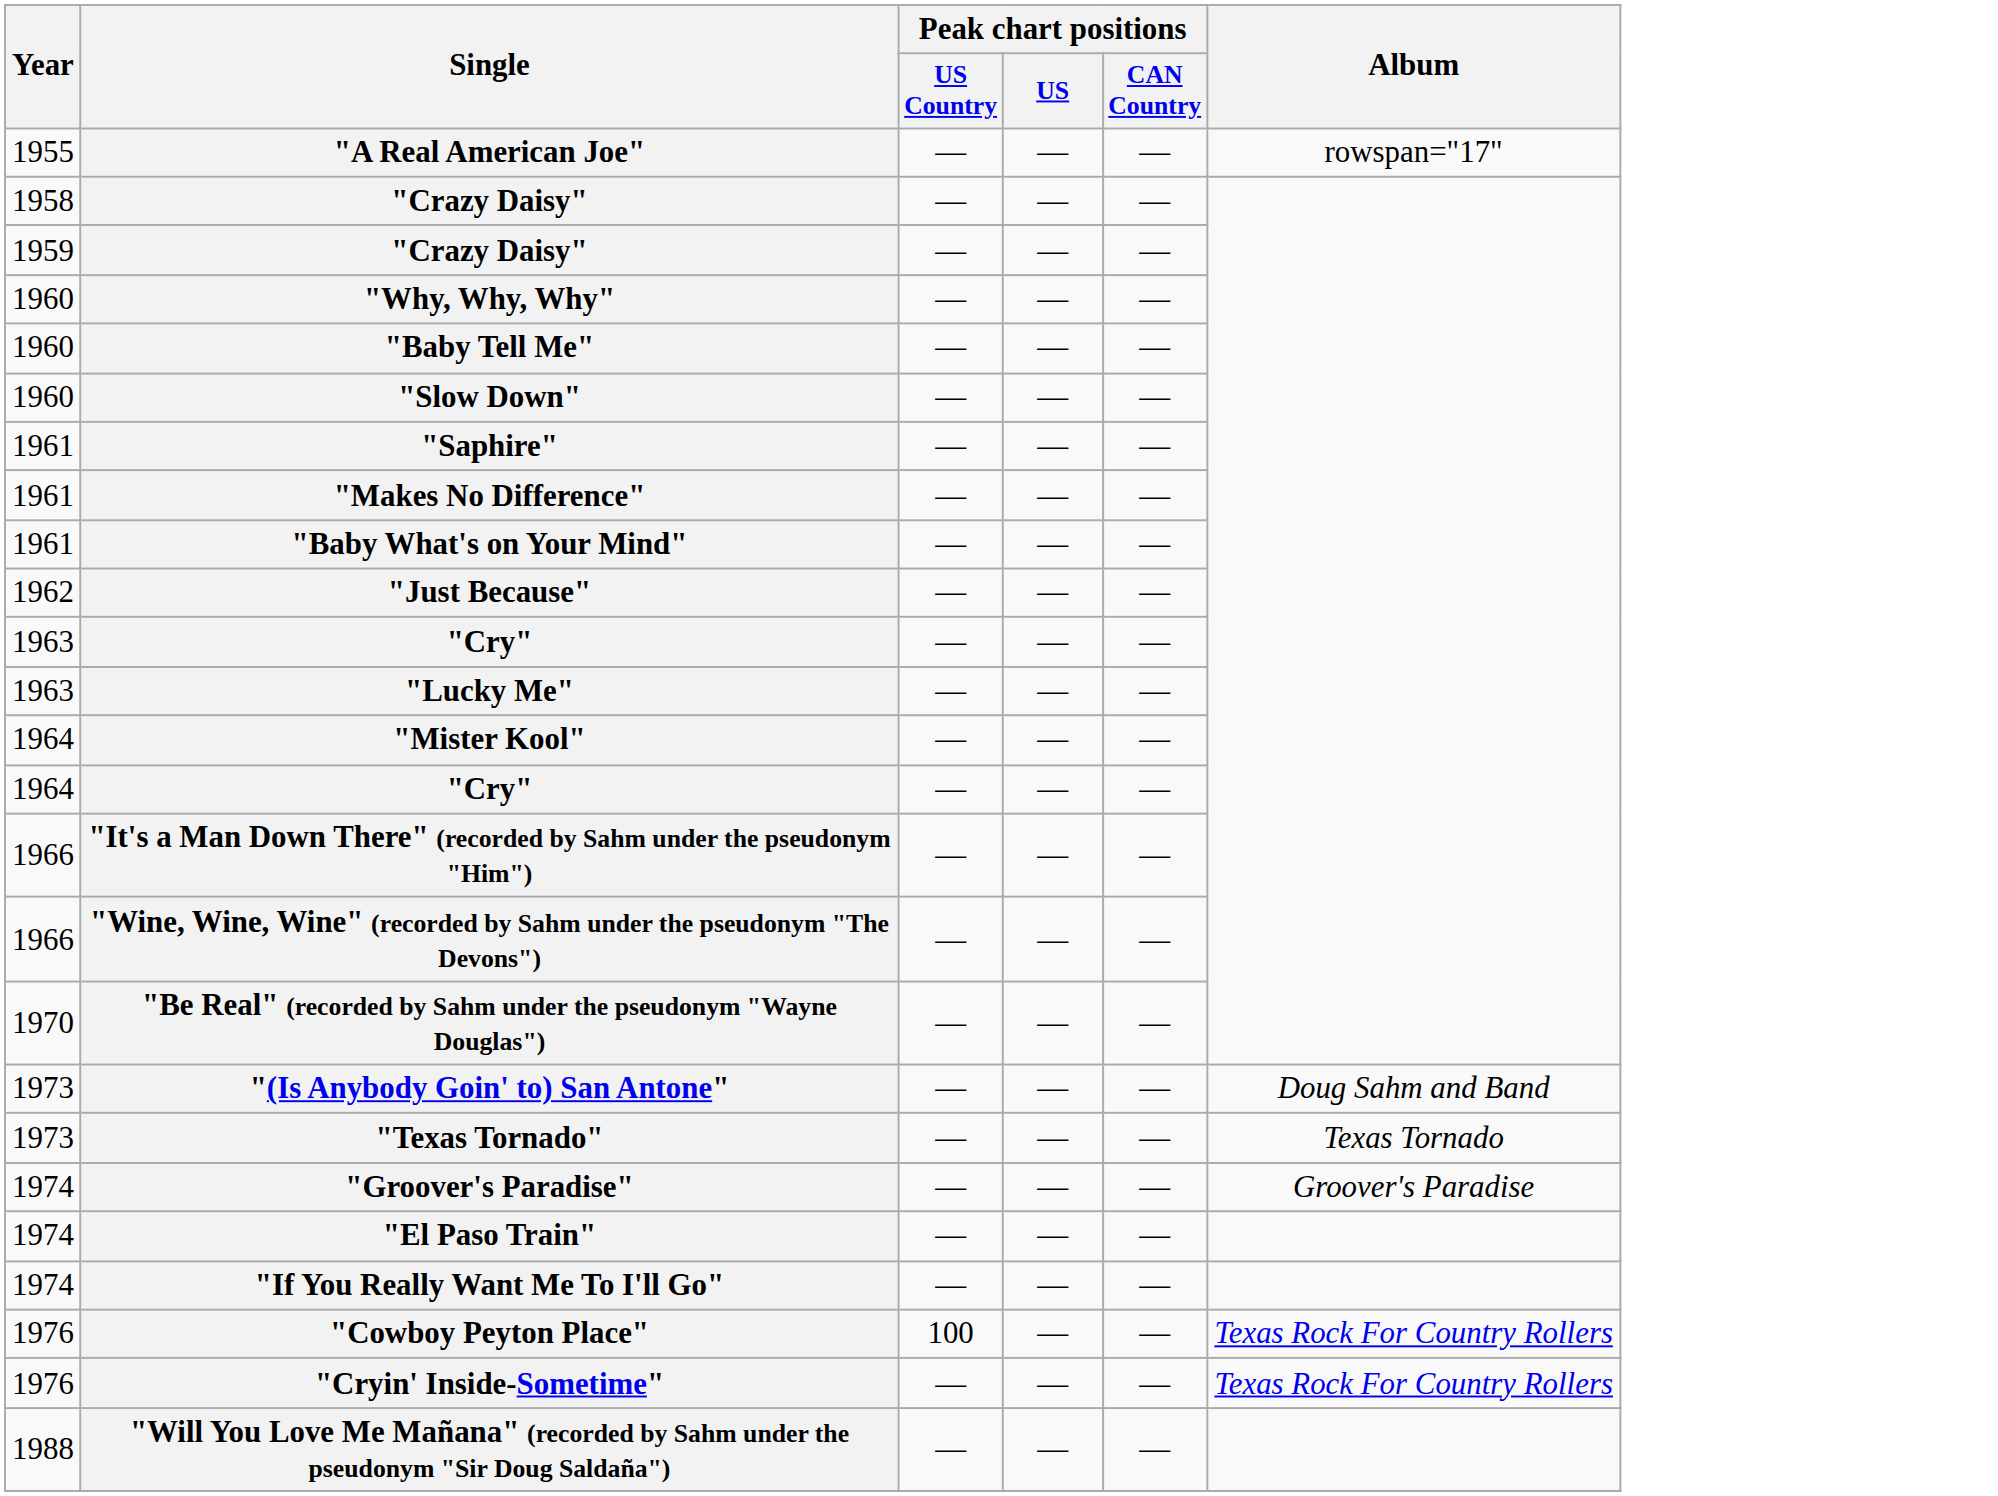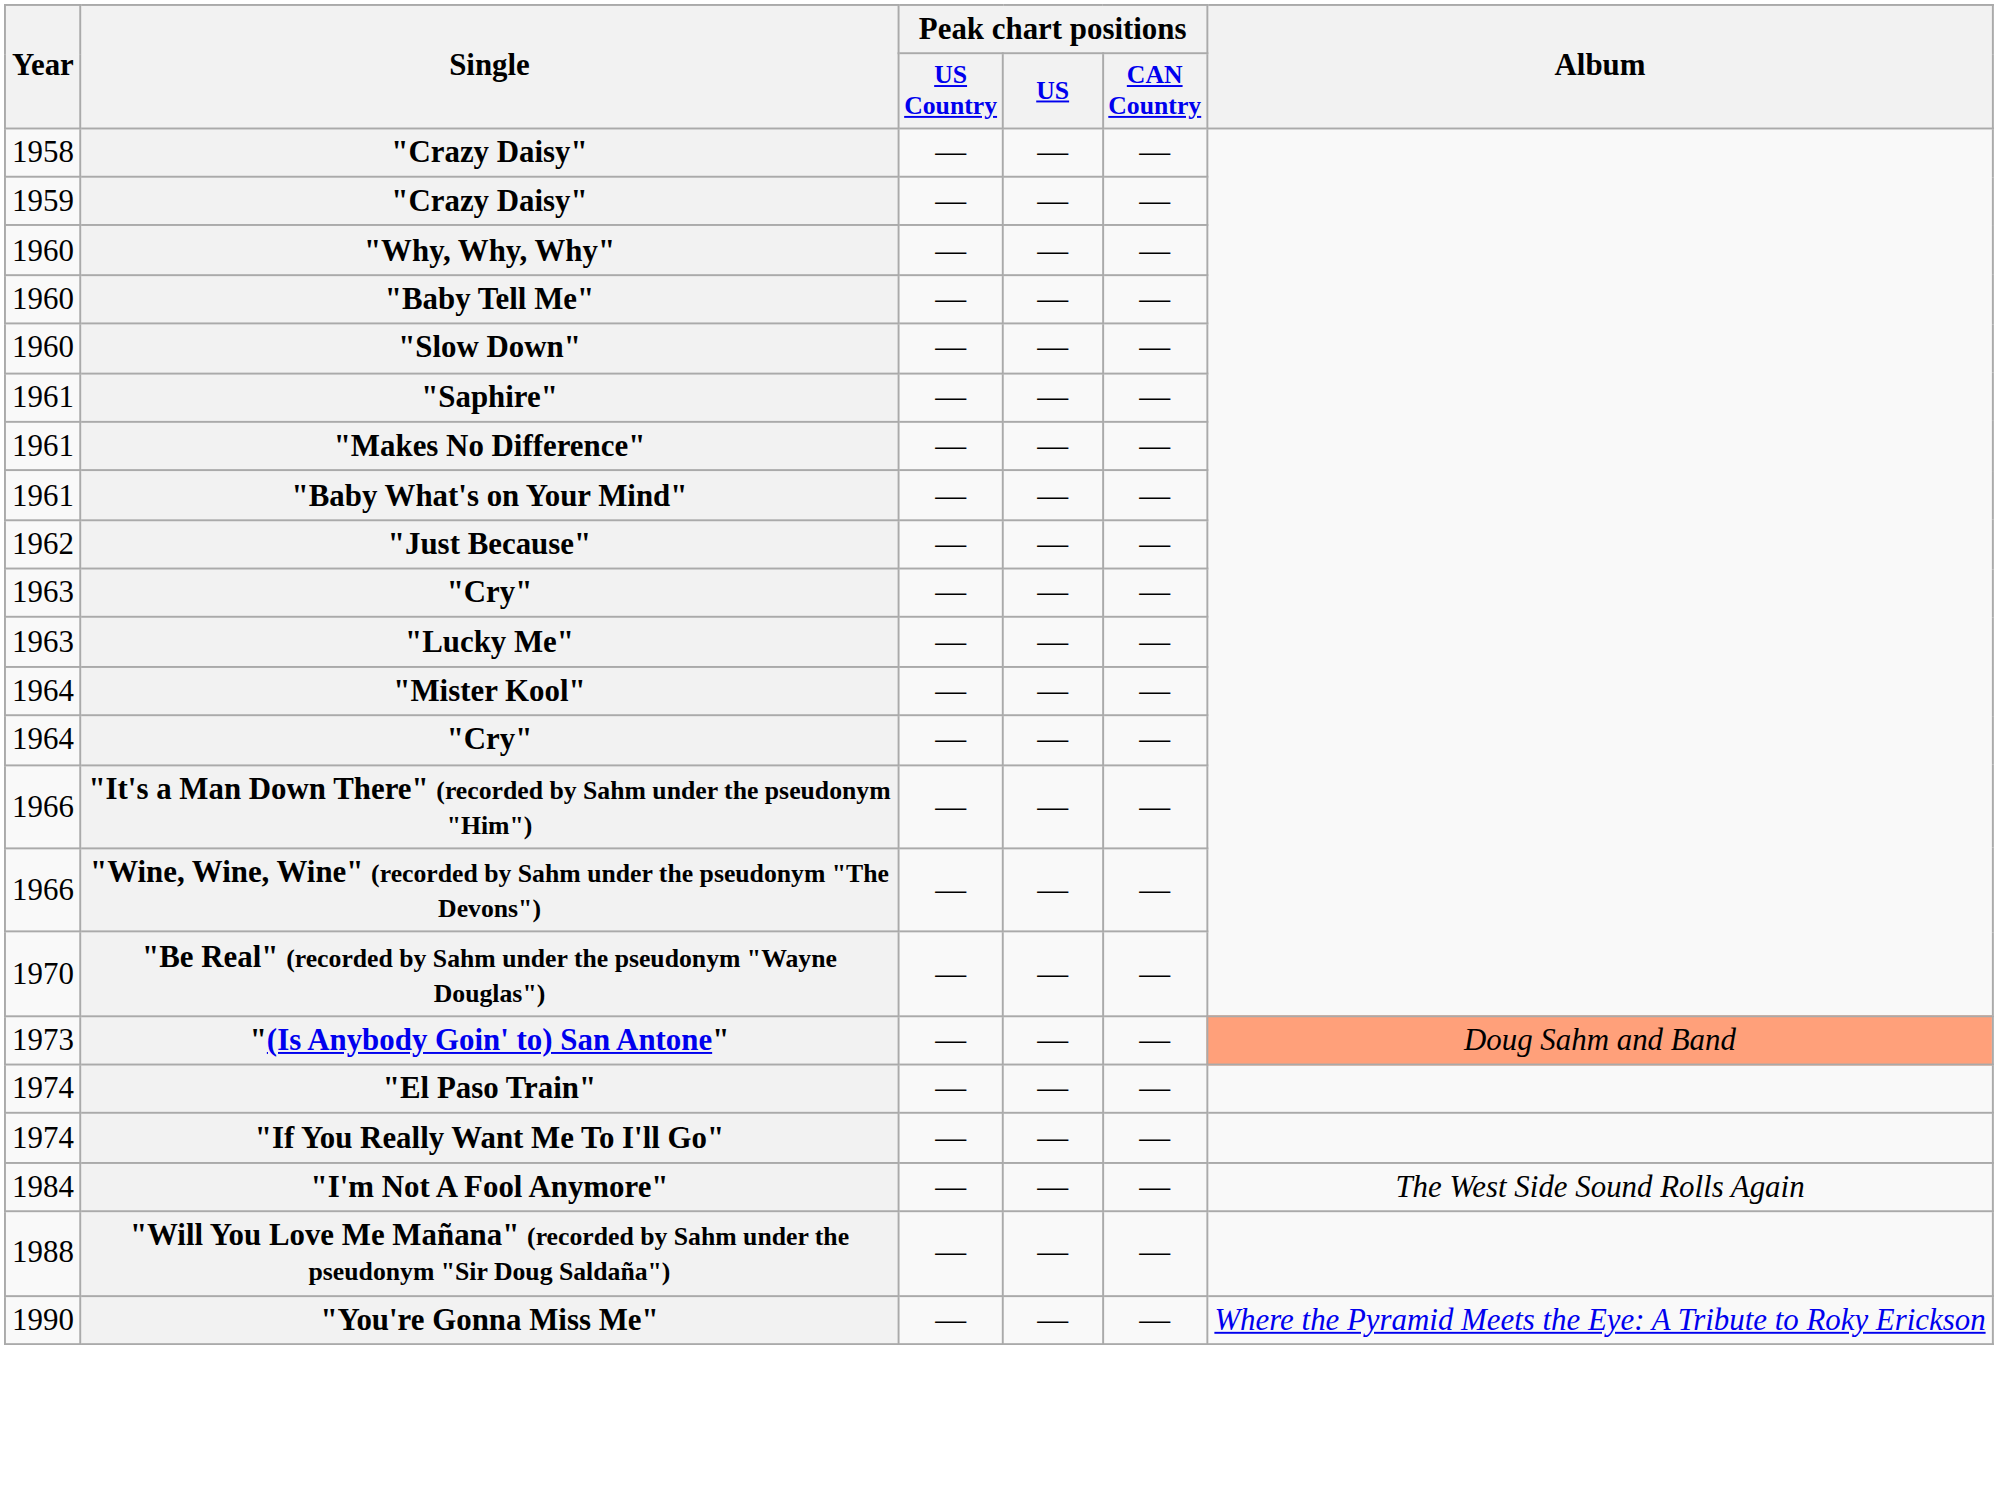 <table class="wikitable plainrowheaders" style="text-align:center;">
 <tr>
 <th rowspan="2">Year</th>
 <th rowspan="2" style="width:26em;">Single</th>
 <th colspan="3">Peak chart positions</th>
 <th rowspan="2">Album</th>
 </tr>
 <tr style="font-size:smaller;">
 <th width="45"><a href='#'>US Country</a><br></th>
 <th width="45"><a href='#'>US</a><br></th>
 <th width="45"><a href='#'>CAN Country</a></th>
-</tr>
-<tr>
-<td>1955</td>
-<th scope="row">"A Real American Joe"</th>
-<td>—</td>
-<td>—</td>
-<td>—</td>
-<td>rowspan="17" </td>
 </tr>
 <tr>
 <td>1958</td>
 <th scope="row">"Crazy Daisy"</th>
 <td>—</td>
 <td>—</td>
 <td>—</td>
 </tr>
 <tr>
 <td>1959</td>
 <th scope="row">"Crazy Daisy"</th>
 <td>—</td>
 <td>—</td>
 <td>—</td>
 </tr>
 <tr>
 <td>1960</td>
 <th scope="row">"Why, Why, Why"</th>
 <td>—</td>
 <td>—</td>
 <td>—</td>
 </tr>
 <tr>
 <td>1960</td>
 <th scope="row">"Baby Tell Me"</th>
 <td>—</td>
 <td>—</td>
 <td>—</td>
 </tr>
 <tr>
 <td>1960</td>
 <th scope="row">"Slow Down"</th>
 <td>—</td>
 <td>—</td>
 <td>—</td>
 </tr>
 <tr>
 <td>1961</td>
 <th scope="row">"Saphire"</th>
 <td>—</td>
 <td>—</td>
 <td>—</td>
 </tr>
 <tr>
 <td>1961</td>
 <th scope="row">"Makes No Difference"</th>
 <td>—</td>
 <td>—</td>
 <td>—</td>
 </tr>
 <tr>
 <td>1961</td>
 <th scope="row">"Baby What's on Your Mind"</th>
 <td>—</td>
 <td>—</td>
 <td>—</td>
 </tr>
 <tr>
 <td>1962</td>
 <th scope="row">"Just Because"</th>
 <td>—</td>
 <td>—</td>
 <td>—</td>
 </tr>
 <tr>
 <td>1963</td>
 <th scope="row">"Cry"</th>
 <td>—</td>
 <td>—</td>
 <td>—</td>
 </tr>
 <tr>
 <td>1963</td>
 <th scope="row">"Lucky Me"</th>
 <td>—</td>
 <td>—</td>
 <td>—</td>
 </tr>
 <tr>
 <td>1964</td>
 <th scope="row">"Mister Kool"</th>
 <td>—</td>
 <td>—</td>
 <td>—</td>
 </tr>
 <tr>
 <td>1964</td>
 <th scope="row">"Cry"</th>
 <td>—</td>
 <td>—</td>
 <td>—</td>
 </tr>
 <tr>
 <td>1966</td>
 <th scope="row">"It's a Man Down There" <small>(recorded by Sahm under the pseudonym "Him")</small></th>
 <td>—</td>
 <td>—</td>
 <td>—</td>
 </tr>
 <tr>
 <td>1966</td>
 <th scope="row">"Wine, Wine, Wine" <small>(recorded by Sahm under the pseudonym "The Devons")</small></th>
 <td>—</td>
 <td>—</td>
 <td>—</td>
 </tr>
 <tr>
 <td>1970</td>
 <th scope="row">"Be Real" <small>(recorded by Sahm under the pseudonym "Wayne Douglas")</small></th>
 <td>—</td>
 <td>—</td>
 <td>—</td>
 </tr>
 <tr>
 <td>1973</td>
 <th scope="row">"<a href='#'>(Is Anybody Goin' to) San Antone</a>"</th>
 <td>—</td>
 <td>—</td>
 <td>—</td>
-<td><em>Doug Sahm and Band</em></td>
-</tr>
-<tr>
-<td>1973</td>
-<th scope="row">"Texas Tornado"</th>
-<td>—</td>
-<td>—</td>
-<td>—</td>
-<td><em>Texas Tornado</em></td>
-</tr>
-<tr>
-<td>1974</td>
-<th scope="row">"Groover's Paradise"</th>
-<td>—</td>
-<td>—</td>
-<td>—</td>
-<td><em>Groover's Paradise</em></td>
+<td style="background: lightsalmon;"><em>Doug Sahm and Band</em></td>
 </tr>
 <tr>
 <td>1974</td>
 <th scope="row">"El Paso Train"</th>
 <td>—</td>
 <td>—</td>
 <td>—</td>
 <td></td>
 </tr>
 <tr>
 <td>1974</td>
 <th scope="row">"If You Really Want Me To I'll Go"</th>
 <td>—</td>
 <td>—</td>
 <td>—</td>
 <td></td>
 </tr>
 <tr>
-<td>1976</td>
-<th scope="row">"Cowboy Peyton Place"</th>
-<td>100</td>
-<td>—</td>
-<td>—</td>
-<td><em><a href='#'>Texas Rock For Country Rollers</a></em></td>
-</tr>
-<tr>
-<td>1976</td>
-<th scope="row">"Cryin' Inside-<a href='#'>Sometime</a>"</th>
+<td>1984</td>
+<th scope="row">"I'm Not A Fool Anymore"</th>
 <td>—</td>
 <td>—</td>
 <td>—</td>
-<td><em><a href='#'>Texas Rock For Country Rollers</a></em></td>
+<td><em>The West Side Sound Rolls Again</em></td>
 </tr>
 <tr>
 <td>1988</td>
 <th scope="row">"Will You Love Me Mañana" <small>(recorded by Sahm under the pseudonym "Sir Doug Saldaña")</small></th>
 <td>—</td>
 <td>—</td>
 <td>—</td>
 <td></td>
 </tr>
 <tr>
+<td>1990</td>
+<th scope="row">"You're Gonna Miss Me"</th>
+<td>—</td>
+<td>—</td>
+<td>—</td>
+<td><em><a href='#'>Where the Pyramid Meets the Eye: A Tribute to Roky Erickson</a></em></td>
+</tr>
+<tr>
 </tr>
 </table>
